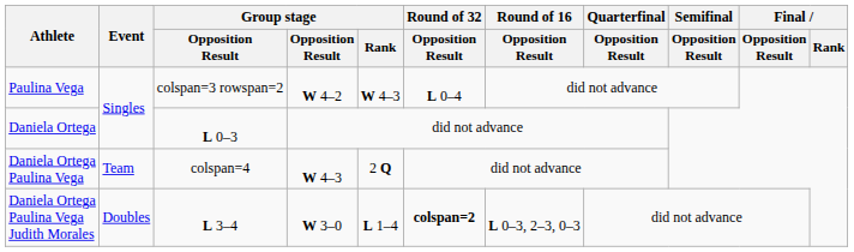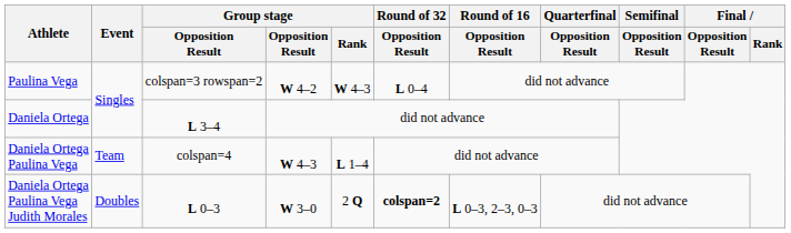 <table class=wikitable style=font-size:90%;text-align:center>
 <tr>
 <th rowspan=2>Athlete</th>
 <th rowspan=2>Event</th>
 <th colspan=3>Group stage</th>
 <th>Round of 32</th>
 <th>Round of 16</th>
 <th>Quarterfinal</th>
 <th>Semifinal</th>
 <th colspan=2>Final / </th>
 </tr>
 <tr style=font-size:95%>
 <th>Opposition<br>Result</th>
 <th>Opposition<br>Result</th>
 <th>Rank</th>
 <th>Opposition<br>Result</th>
 <th>Opposition<br>Result</th>
 <th>Opposition<br>Result</th>
 <th>Opposition<br>Result</th>
 <th>Opposition<br>Result</th>
 <th>Rank</th>
 </tr>
 <tr>
 <td align=left><a href='#'>Paulina Vega</a></td>
 <td align=left rowspan=2><a href='#'>Singles</a></td>
 <td>colspan=3 rowspan=2 </td>
 <td><br><strong>W</strong> 4–2</td>
 <td><br><strong>W</strong> 4–3</td>
 <td><br><strong>L</strong> 0–4</td>
 <td colspan=3>did not advance</td>
 </tr>
 <tr>
 <td align=left><a href='#'>Daniela Ortega</a></td>
-<td><br><strong>L</strong> 0–3</td>
+<td><br><strong>L</strong> 3–4</td>
 <td colspan=5>did not advance</td>
 </tr>
 <tr>
 <td align=left><a href='#'>Daniela Ortega</a><br><a href='#'>Paulina Vega</a></td>
 <td align=left><a href='#'>Team</a></td>
 <td>colspan=4 </td>
 <td><br><strong>W</strong> 4–3</td>
-<td>2 <strong>Q</strong></td>
+<td><br><strong>L</strong> 1–4</td>
 <td colspan=3>did not advance</td>
 </tr>
 <tr>
 <td align=left><a href='#'>Daniela Ortega</a><br><a href='#'>Paulina Vega</a><br><a href='#'>Judith Morales</a></td>
 <td align=left><a href='#'>Doubles</a></td>
-<td><br><strong>L</strong> 3–4</td>
+<td><br><strong>L</strong> 0–3</td>
 <td><br><strong>W</strong> 3–0</td>
-<td><br><strong>L</strong> 1–4</td>
+<td>2 <strong>Q</strong></td>
 <td><strong>colspan=2 </strong></td>
 <td><br><strong>L</strong> 0–3, 2–3, 0–3</td>
 <td colspan=3>did not advance</td>
 </tr>
 </table>
